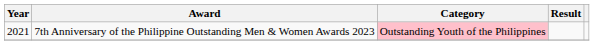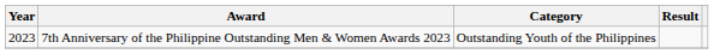 <table class="wikitable">
 <tr>
 <th>Year</th>
 <th>Award</th>
 <th>Category</th>
 <th>Result</th>
 <th></th>
 </tr>
 <tr>
-<td>2021</td>
+<td>2023</td>
 <td>7th Anniversary of the Philippine Outstanding Men & Women Awards 2023</td>
-<td style="background: pink;">Outstanding Youth of the Philippines</td>
+<td>Outstanding Youth of the Philippines</td>
 <td></td>
 <td></td>
 </tr>
 <tr>
 </tr>
 </table>
